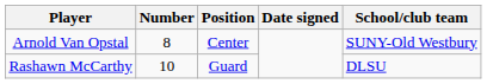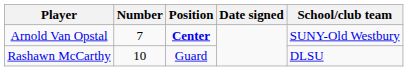 <table class="wikitable sortable sortable">
 <tr>
 <th>Player</th>
 <th>Number</th>
 <th>Position</th>
 <th>Date signed</th>
 <th>School/club team</th>
 </tr>
 <tr>
 <td align=center><a href='#'>Arnold Van Opstal</a></td>
-<td align=center>8</td>
-<td align=center><a href='#'>Center</a></td>
+<td align=center>7</td>
+<td align=center><strong><a href='#'>Center</a></strong></td>
 <td align=center rowspan=2></td>
 <td><a href='#'>SUNY-Old Westbury</a></td>
 </tr>
 <tr>
 <td align=center><a href='#'>Rashawn McCarthy</a></td>
 <td align=center>10</td>
 <td align=center><a href='#'>Guard</a></td>
 <td><a href='#'>DLSU</a></td>
 </tr>
 </table>
